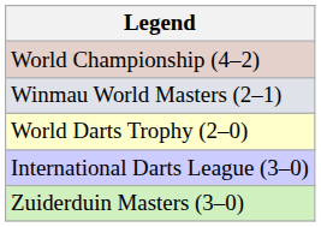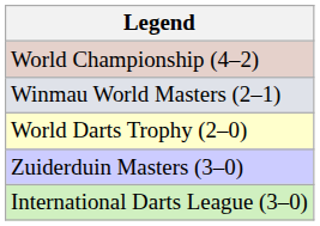 <table class="wikitable">
 <tr>
 <th>Legend</th>
 </tr>
 <tr style="background:#e5d1cb;">
 <td>World Championship (4–2)</td>
 </tr>
 <tr style="background:#dfe2e9;">
 <td>Winmau World Masters (2–1)</td>
 </tr>
 <tr style="background:#ffc;">
 <td>World Darts Trophy (2–0)</td>
 </tr>
 <tr style="background:#ccf;">
+<td>Zuiderduin Masters (3–0)</td>
+</tr>
+<tr style="background:#d0f0c0;">
 <td>International Darts League (3–0)</td>
 </tr>
-<tr style="background:#d0f0c0;">
-<td>Zuiderduin Masters (3–0)</td>
-</tr>
 </table>
